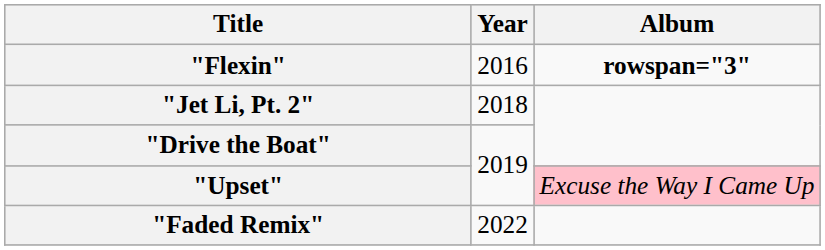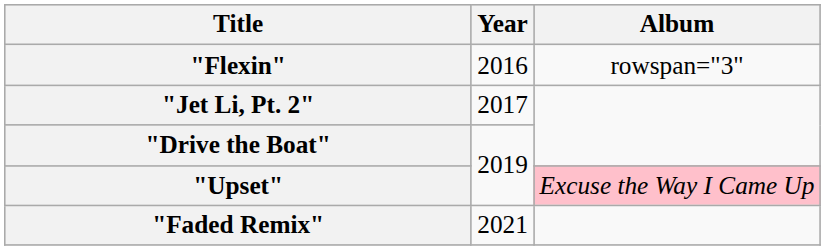 <table class="wikitable plainrowheaders" style="text-align:center;">
 <tr>
 <th scope="col" rowspan="1" style="width:18em;">Title</th>
 <th scope="col" rowspan="1">Year</th>
 <th scope="col" rowspan="1">Album</th>
 </tr>
 <tr>
 <th scope="row">"Flexin"<br></th>
 <td>2016</td>
-<td><strong>rowspan="3" </strong></td>
+<td>rowspan="3" </td>
 </tr>
 <tr>
 <th scope="row">"Jet Li, Pt. 2"<br></th>
-<td>2018</td>
+<td>2017</td>
 </tr>
 <tr>
 <th scope="row">"Drive the Boat"<br></th>
 <td rowspan="2">2019</td>
 </tr>
 <tr>
 <th scope="row">"Upset"<br></th>
 <td style="background: pink;"><em>Excuse the Way I Came Up</em></td>
 </tr>
 <tr>
 <th scope="row">"Faded Remix"<br></th>
-<td>2022</td>
+<td>2021</td>
 <td></td>
 </tr>
 </table>
